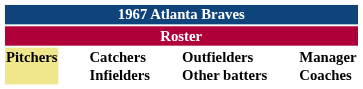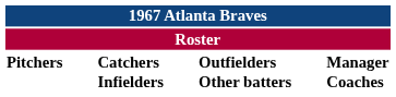 <table class="toccolours" style="font-size: 95%;">
 <tr>
 <th colspan="10" style="background-color: #0f437c; color: white; text-align: center;">1967 Atlanta Braves</th>
 </tr>
 <tr>
 <td colspan="10" style="background-color:#af0039; color: white; text-align: center;"><strong>Roster</strong></td>
 </tr>
 <tr>
-<td valign="top" style="background: khaki;"><strong>Pitchers</strong><br>                 </td>
+<td valign="top"><strong>Pitchers</strong><br>                 </td>
 <td width="25px"></td>
 <td valign="top"><strong>Catchers</strong><br>   <strong>Infielders</strong>         </td>
 <td width="25px"></td>
 <td valign="top"><strong>Outfielders</strong><br>        <strong>Other batters</strong>   </td>
 <td width="25px"></td>
 <td valign="top"><strong>Manager</strong><br> <strong>Coaches</strong>    </td>
 </tr>
 </table>
